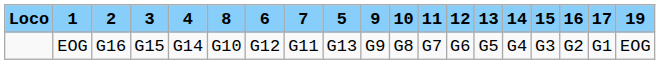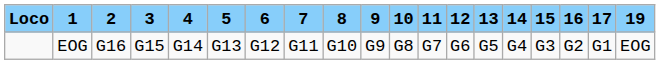 <table class="wikitable plainrowheaders unsortable" style="text-align:center">
 <tr>
 <th scope="col" rowspan="1" style="background:lightskyblue;">Loco</th>
 <th scope="col" rowspan="1" style="background:lightskyblue;">1</th>
 <th scope="col" rowspan="1" style="background:lightskyblue;">2</th>
 <th scope="col" rowspan="1" style="background:lightskyblue;">3</th>
 <th scope="col" rowspan="1" style="background:lightskyblue;">4</th>
-<th scope="col" rowspan="1" style="background:lightskyblue;">8</th>
+<th scope="col" rowspan="1" style="background:lightskyblue;">5</th>
 <th scope="col" rowspan="1" style="background:lightskyblue;">6</th>
 <th scope="col" rowspan="1" style="background:lightskyblue;">7</th>
-<th scope="col" rowspan="1" style="background:lightskyblue;">5</th>
+<th scope="col" rowspan="1" style="background:lightskyblue;">8</th>
 <th scope="col" rowspan="1" style="background:lightskyblue;">9</th>
 <th scope="col" rowspan="1" style="background:lightskyblue;">10</th>
 <th scope="col" rowspan="1" style="background:lightskyblue;">11</th>
 <th scope="col" rowspan="1" style="background:lightskyblue;">12</th>
 <th scope="col" rowspan="1" style="background:lightskyblue;">13</th>
 <th scope="col" rowspan="1" style="background:lightskyblue;">14</th>
 <th scope="col" rowspan="1" style="background:lightskyblue;">15</th>
 <th scope="col" rowspan="1" style="background:lightskyblue;">16</th>
 <th scope="col" rowspan="1" style="background:lightskyblue;">17</th>
 <th scope="col" rowspan="1" style="background:lightskyblue;">19</th>
 </tr>
 <tr>
 <td></td>
 <td>EOG</td>
 <td>G16</td>
 <td>G15</td>
 <td>G14</td>
-<td>G10</td>
+<td>G13</td>
 <td>G12</td>
 <td>G11</td>
-<td>G13</td>
+<td>G10</td>
 <td>G9</td>
 <td>G8</td>
 <td>G7</td>
 <td>G6</td>
 <td>G5</td>
 <td>G4</td>
 <td>G3</td>
 <td>G2</td>
 <td>G1</td>
 <td>EOG</td>
 </tr>
 </table>
